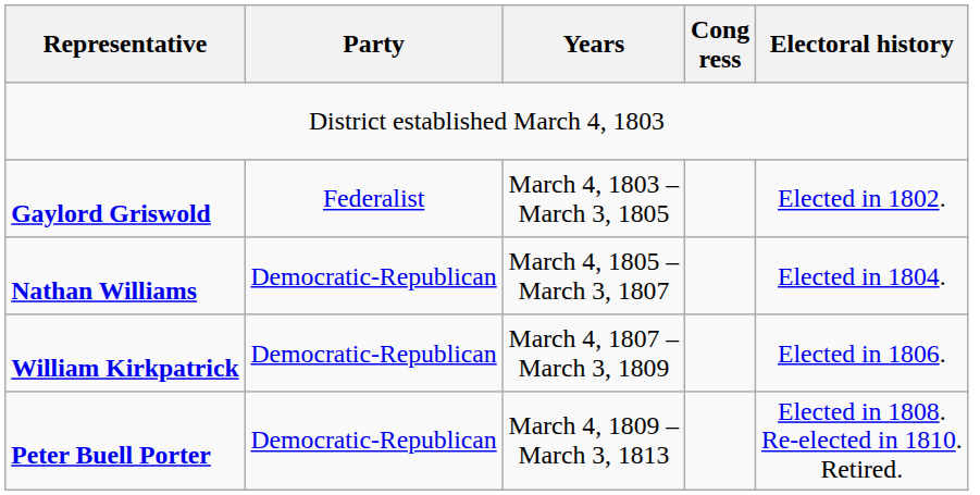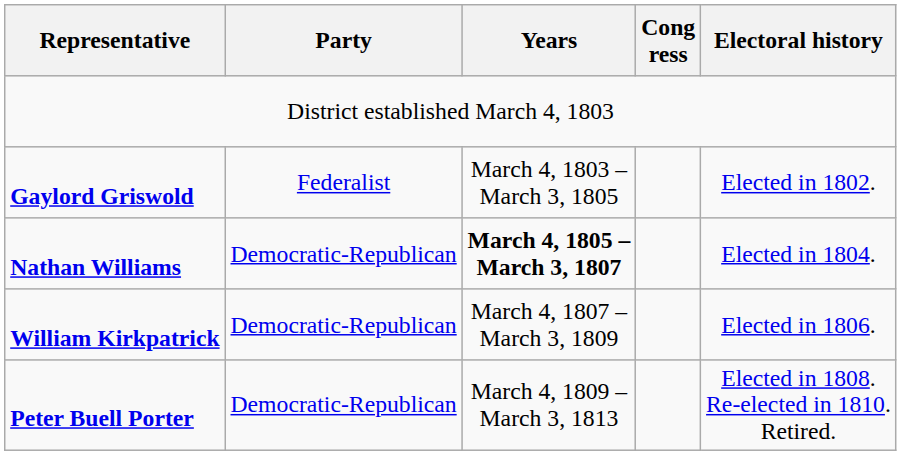 <table class=wikitable style="text-align:center">
 <tr style="height:3em">
 <th>Representative</th>
 <th>Party</th>
 <th>Years</th>
 <th>Cong<br>ress</th>
 <th>Electoral history</th>
 </tr>
 <tr style="height:3em">
 <td colspan=5>District established March 4, 1803</td>
 </tr>
 <tr style="height:3em">
 <td align=left><br><strong><a href='#'>Gaylord Griswold</a></strong><br></td>
 <td><a href='#'>Federalist</a></td>
 <td nowrap>March 4, 1803 –<br>March 3, 1805</td>
 <td></td>
 <td><a href='#'>Elected in 1802</a>.<br></td>
 </tr>
 <tr style="height:3em">
 <td align=left><br><strong><a href='#'>Nathan Williams</a></strong><br></td>
 <td><a href='#'>Democratic-Republican</a></td>
-<td nowrap>March 4, 1805 –<br>March 3, 1807</td>
+<td nowrap><strong>March 4, 1805 –<br>March 3, 1807</strong></td>
 <td></td>
 <td><a href='#'>Elected in 1804</a>.<br></td>
 </tr>
 <tr style="height:3em">
 <td align=left><br><strong><a href='#'>William Kirkpatrick</a></strong><br></td>
 <td><a href='#'>Democratic-Republican</a></td>
 <td nowrap>March 4, 1807 –<br>March 3, 1809</td>
 <td></td>
 <td><a href='#'>Elected in 1806</a>.<br></td>
 </tr>
 <tr style="height:3em">
 <td align=left><br><strong><a href='#'>Peter Buell Porter</a></strong><br></td>
 <td><a href='#'>Democratic-Republican</a></td>
 <td nowrap>March 4, 1809 –<br>March 3, 1813</td>
 <td></td>
 <td><a href='#'>Elected in 1808</a>.<br><a href='#'>Re-elected in 1810</a>.<br>Retired.</td>
 </tr>
 </table>
